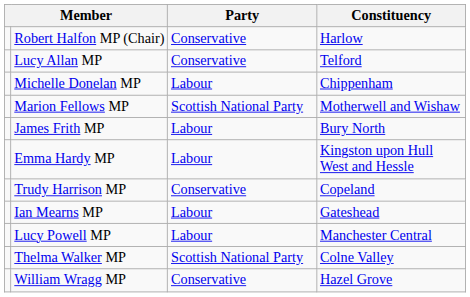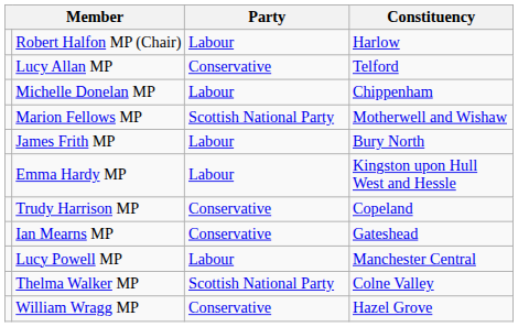 <table class="wikitable">
 <tr>
 <th width="160px" colspan="2" valign="top">Member</th>
 <th width="160px" valign="top">Party</th>
 <th width="160px" valign="top">Constituency</th>
 </tr>
 <tr>
 <td style="color:inherit;background:"></td>
 <td><a href='#'>Robert Halfon</a> MP (Chair)</td>
-<td><a href='#'>Conservative</a></td>
+<td><a href='#'>Labour</a></td>
 <td><a href='#'>Harlow</a></td>
 </tr>
 <tr>
 <td style="color:inherit;background:"></td>
 <td><a href='#'>Lucy Allan</a> MP</td>
 <td><a href='#'>Conservative</a></td>
 <td><a href='#'>Telford</a></td>
 </tr>
 <tr>
 <td style="color:inherit;background:"></td>
 <td><a href='#'>Michelle Donelan</a> MP</td>
 <td><a href='#'>Labour</a></td>
 <td><a href='#'>Chippenham</a></td>
 </tr>
 <tr>
 <td style="color:inherit;background:"></td>
 <td><a href='#'>Marion Fellows</a> MP</td>
 <td><a href='#'>Scottish National Party</a></td>
 <td><a href='#'>Motherwell and Wishaw</a></td>
 </tr>
 <tr>
 <td style="color:inherit;background:"></td>
 <td><a href='#'>James Frith</a> MP</td>
 <td><a href='#'>Labour</a></td>
 <td><a href='#'>Bury North</a></td>
 </tr>
 <tr>
 <td style="color:inherit;background:"></td>
 <td><a href='#'>Emma Hardy</a> MP</td>
 <td><a href='#'>Labour</a></td>
 <td><a href='#'>Kingston upon Hull West and Hessle</a></td>
 </tr>
 <tr>
 <td style="color:inherit;background:"></td>
 <td><a href='#'>Trudy Harrison</a> MP</td>
 <td><a href='#'>Conservative</a></td>
 <td><a href='#'>Copeland</a></td>
 </tr>
 <tr>
 <td style="color:inherit;background:"></td>
 <td><a href='#'>Ian Mearns</a> MP</td>
-<td><a href='#'>Labour</a></td>
+<td><a href='#'>Conservative</a></td>
 <td><a href='#'>Gateshead</a></td>
 </tr>
 <tr>
 <td style="color:inherit;background:"></td>
 <td><a href='#'>Lucy Powell</a> MP</td>
 <td><a href='#'>Labour</a></td>
 <td><a href='#'>Manchester Central</a></td>
 </tr>
 <tr>
 <td style="color:inherit;background:"></td>
 <td><a href='#'>Thelma Walker</a> MP</td>
 <td><a href='#'>Scottish National Party</a></td>
 <td><a href='#'>Colne Valley</a></td>
 </tr>
 <tr>
 <td style="color:inherit;background:"></td>
 <td><a href='#'>William Wragg</a> MP</td>
 <td><a href='#'>Conservative</a></td>
 <td><a href='#'>Hazel Grove</a></td>
 </tr>
 </table>
